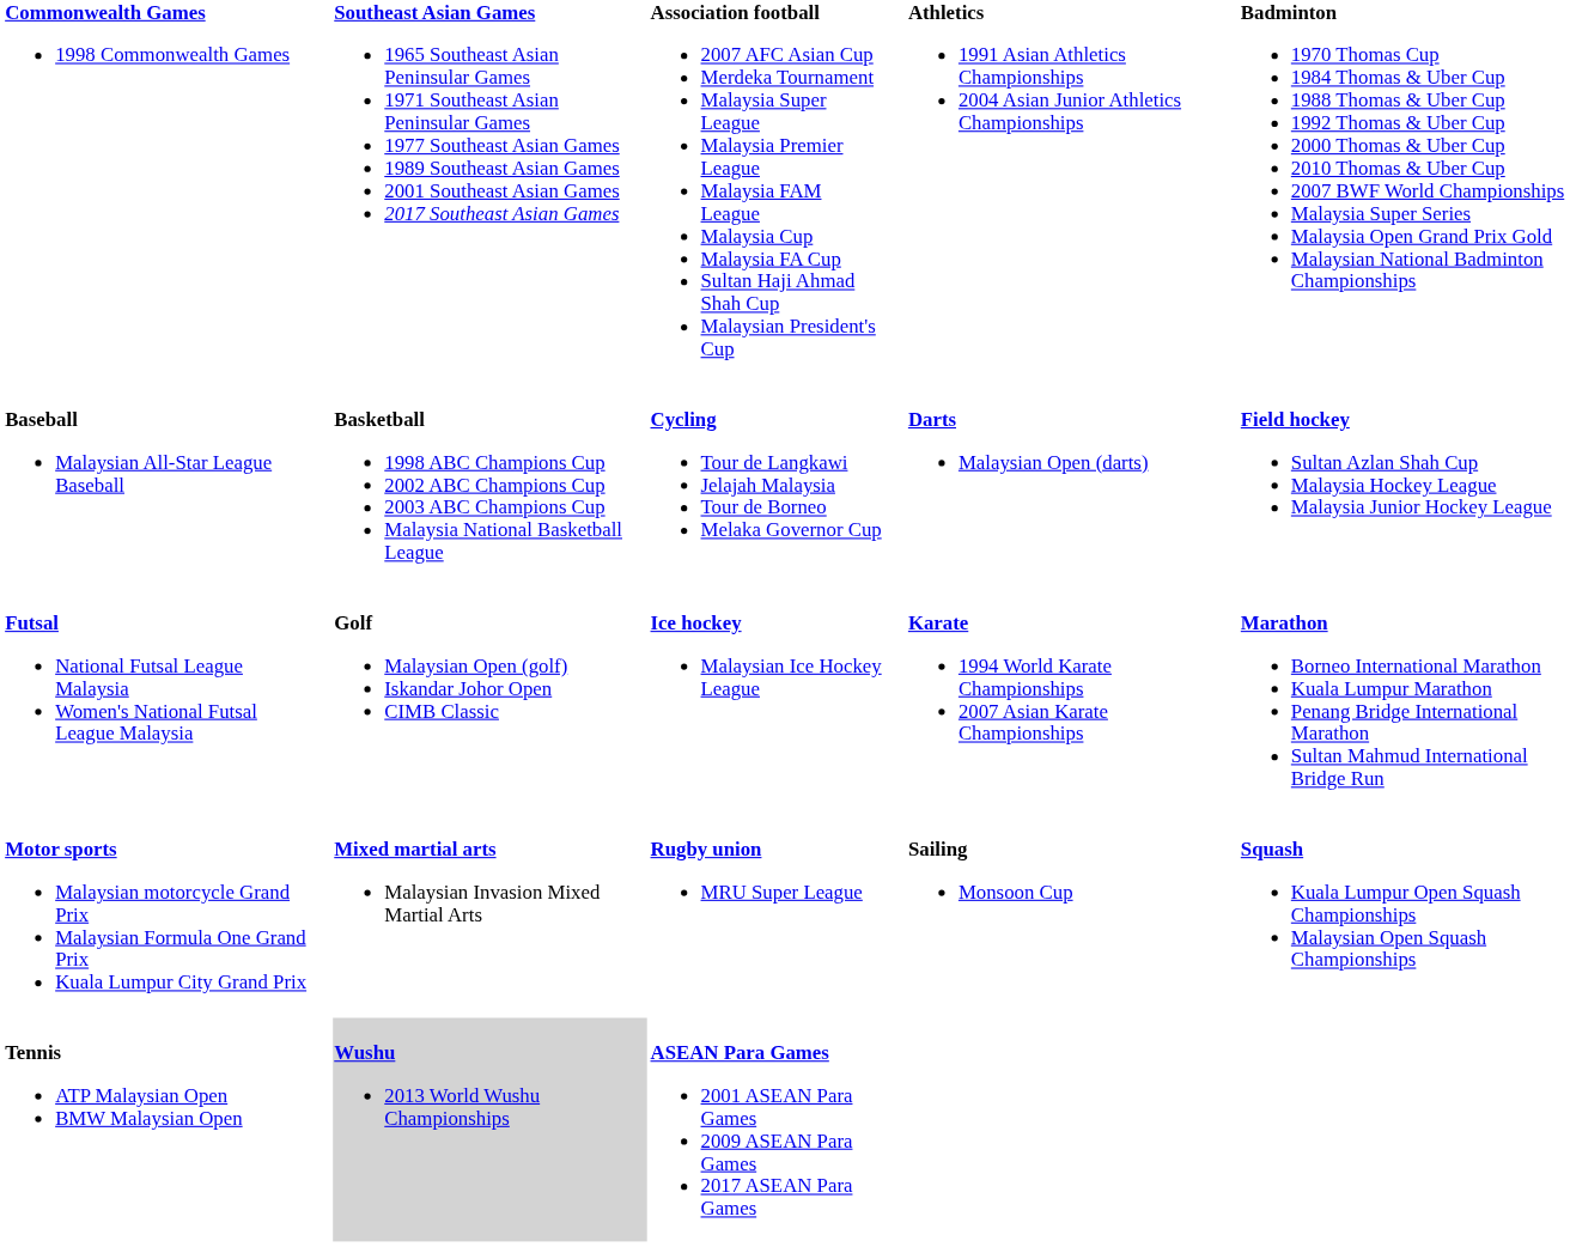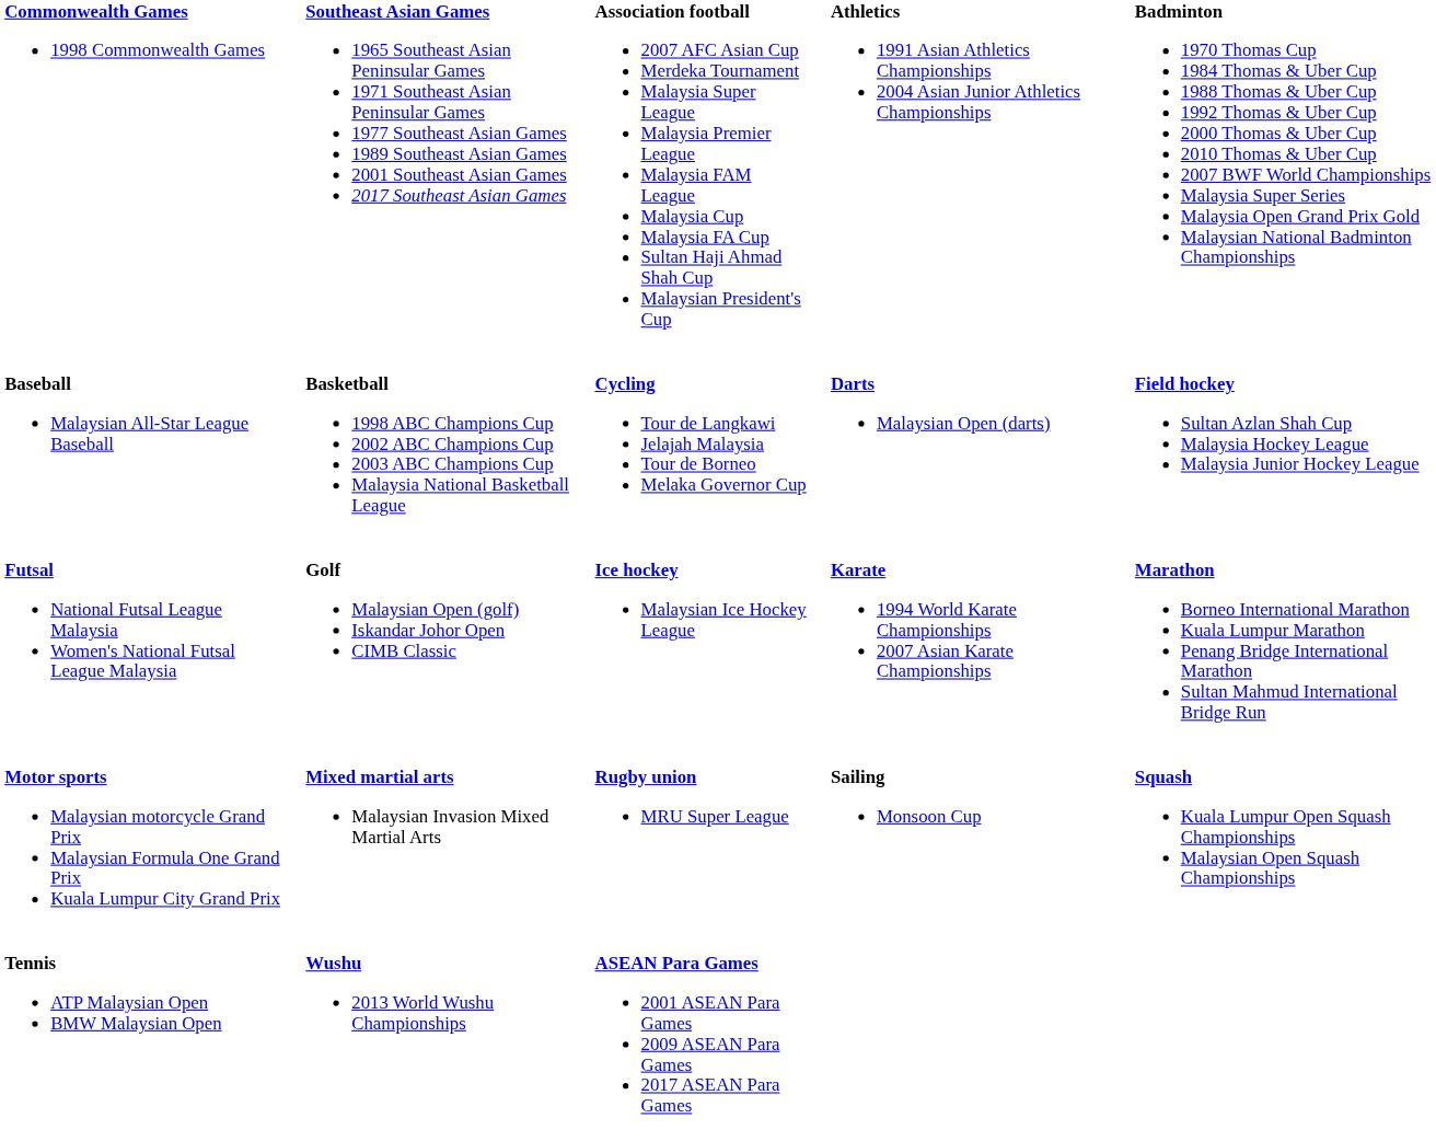 <table style="margin:auto;">
 <tr>
 <td style="padding-right:1em; vertical-align:top;"><br><div><strong><a href='#'>Commonwealth Games</a></strong></div><ul><li><a href='#'>1998 Commonwealth Games</a></li></ul></td>
 <td style="padding-right:1em; vertical-align:top;"><br><div><strong><a href='#'>Southeast Asian Games</a></strong></div><ul><li><a href='#'>1965 Southeast Asian Peninsular Games</a></li><li><a href='#'>1971 Southeast Asian Peninsular Games</a></li><li><a href='#'>1977 Southeast Asian Games</a></li><li><a href='#'>1989 Southeast Asian Games</a></li><li><a href='#'>2001 Southeast Asian Games</a></li><li><em><a href='#'>2017 Southeast Asian Games</a></em></li></ul></td>
 <td style="padding-right:1em; vertical-align:top;"><br><div><strong>Association football</strong></div><ul><li><a href='#'>2007 AFC Asian Cup</a></li><li><a href='#'>Merdeka Tournament</a></li><li><a href='#'>Malaysia Super League</a></li><li><a href='#'>Malaysia Premier League</a></li><li><a href='#'>Malaysia FAM League</a></li><li><a href='#'>Malaysia Cup</a></li><li><a href='#'>Malaysia FA Cup</a></li><li><a href='#'>Sultan Haji Ahmad Shah Cup</a></li><li><a href='#'>Malaysian President's Cup</a></li></ul></td>
 <td style="padding-right:1em; vertical-align:top;"><br><div><strong>Athletics</strong></div><ul><li><a href='#'>1991 Asian Athletics Championships</a></li><li><a href='#'>2004 Asian Junior Athletics Championships</a></li></ul></td>
 <td style="padding-right:1em; vertical-align:top;"><br><div><strong>Badminton</strong></div><ul><li><a href='#'>1970 Thomas Cup</a></li><li><a href='#'>1984 Thomas & Uber Cup</a></li><li><a href='#'>1988 Thomas & Uber Cup</a></li><li><a href='#'>1992 Thomas & Uber Cup</a></li><li><a href='#'>2000 Thomas & Uber Cup</a></li><li><a href='#'>2010 Thomas & Uber Cup</a></li><li><a href='#'>2007 BWF World Championships</a></li><li><a href='#'>Malaysia Super Series</a></li><li><a href='#'>Malaysia Open Grand Prix Gold</a></li><li><a href='#'>Malaysian National Badminton Championships</a></li></ul></td>
 </tr>
 <tr>
 <td style="padding-right:1em; vertical-align:top;"><br><div><strong>Baseball</strong></div><ul><li><a href='#'>Malaysian All-Star League Baseball</a></li></ul></td>
 <td style="padding-right:1em; vertical-align:top;"><br><div><strong>Basketball</strong></div><ul><li><a href='#'>1998 ABC Champions Cup</a></li><li><a href='#'>2002 ABC Champions Cup</a></li><li><a href='#'>2003 ABC Champions Cup</a></li><li><a href='#'>Malaysia National Basketball League</a></li></ul></td>
 <td style="padding-right:1em; vertical-align:top;"><br><div><strong><a href='#'>Cycling</a></strong></div><ul><li><a href='#'>Tour de Langkawi</a></li><li><a href='#'>Jelajah Malaysia</a></li><li><a href='#'>Tour de Borneo</a></li><li><a href='#'>Melaka Governor Cup</a></li></ul></td>
 <td style="padding-right:1em; vertical-align:top;"><br><div><strong><a href='#'>Darts</a></strong></div><ul><li><a href='#'>Malaysian Open (darts)</a></li></ul></td>
 <td style="padding-right:1em; vertical-align:top;"><br><div><strong><a href='#'>Field hockey</a></strong></div><ul><li><a href='#'>Sultan Azlan Shah Cup</a></li><li><a href='#'>Malaysia Hockey League</a></li><li><a href='#'>Malaysia Junior Hockey League</a></li></ul></td>
 </tr>
 <tr>
 <td style="padding-right:1em; vertical-align:top;"><br><div><strong><a href='#'>Futsal</a></strong></div><ul><li><a href='#'>National Futsal League Malaysia</a></li><li><a href='#'>Women's National Futsal League Malaysia</a></li></ul></td>
 <td style="padding-right:1em; vertical-align:top;"><br><div><strong>Golf</strong></div><ul><li><a href='#'>Malaysian Open (golf)</a></li><li><a href='#'>Iskandar Johor Open</a></li><li><a href='#'>CIMB Classic</a></li></ul></td>
 <td style="padding-right:1em; vertical-align:top;"><br><div><strong><a href='#'>Ice hockey</a></strong></div><ul><li><a href='#'>Malaysian Ice Hockey League</a></li></ul></td>
 <td style="padding-right:1em; vertical-align:top;"><br><div><strong><a href='#'>Karate</a></strong></div><ul><li><a href='#'>1994 World Karate Championships</a></li><li><a href='#'>2007 Asian Karate Championships</a></li></ul></td>
 <td style="padding-right:1em; vertical-align:top;"><br><div><strong><a href='#'>Marathon</a></strong></div><ul><li><a href='#'>Borneo International Marathon</a></li><li><a href='#'>Kuala Lumpur Marathon</a></li><li><a href='#'>Penang Bridge International Marathon</a></li><li><a href='#'>Sultan Mahmud International Bridge Run</a></li></ul></td>
 </tr>
 <tr>
 <td style="padding-right:1em; vertical-align:top;"><br><div><strong><a href='#'>Motor sports</a></strong></div><ul><li><a href='#'>Malaysian motorcycle Grand Prix</a></li><li><a href='#'>Malaysian Formula One Grand Prix</a></li><li><a href='#'>Kuala Lumpur City Grand Prix</a></li></ul></td>
 <td style="padding-right:1em; vertical-align:top;"><br><div><strong><a href='#'>Mixed martial arts</a></strong></div><ul><li>Malaysian Invasion Mixed Martial Arts</li></ul></td>
 <td style="padding-right:1em; vertical-align:top;"><br><div><strong><a href='#'>Rugby union</a></strong></div><ul><li><a href='#'>MRU Super League</a></li></ul></td>
 <td style="padding-right:1em; vertical-align:top;"><br><div><strong>Sailing</strong></div><ul><li><a href='#'>Monsoon Cup</a></li></ul></td>
 <td style="padding-right:1em; vertical-align:top;"><br><div><strong><a href='#'>Squash</a></strong></div><ul><li><a href='#'>Kuala Lumpur Open Squash Championships</a></li><li><a href='#'>Malaysian Open Squash Championships</a></li></ul></td>
 </tr>
 <tr>
 <td style="padding-right:1em; vertical-align:top;"><br><div><strong>Tennis</strong></div><ul><li><a href='#'>ATP Malaysian Open</a></li><li><a href='#'>BMW Malaysian Open</a></li></ul></td>
-<td style="background: lightgrey; padding-right:1em; vertical-align:top;"><br><div><strong><a href='#'>Wushu</a></strong></div><ul><li><a href='#'>2013 World Wushu Championships</a></li></ul></td>
+<td style="padding-right:1em; vertical-align:top;"><br><div><strong><a href='#'>Wushu</a></strong></div><ul><li><a href='#'>2013 World Wushu Championships</a></li></ul></td>
 <td style="padding-right:1em; vertical-align:top;"><br><div><strong><a href='#'>ASEAN Para Games</a></strong></div><ul><li><a href='#'>2001 ASEAN Para Games</a></li><li><a href='#'>2009 ASEAN Para Games</a></li><li><a href='#'>2017 ASEAN Para Games</a></li></ul></td>
 </tr>
 </table>
